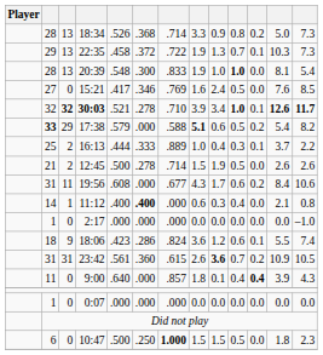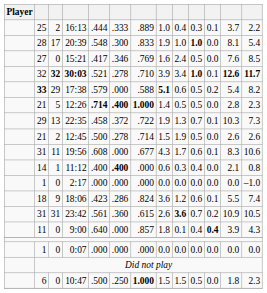 <table class="wikitable sortable" style="font-size:95%; text-align:right;">
 <tr>
 <th>Player</th>
 <th></th>
 <th></th>
 <th></th>
 <th></th>
 <th></th>
 <th></th>
 <th></th>
 <th></th>
 <th></th>
 <th></th>
 <th></th>
 <th></th>
 </tr>
 <tr>
 <td><strong></strong></td>
-<td>28</td>
-<td>13</td>
-<td>18:34</td>
-<td>.526</td>
-<td>.368</td>
-<td>.714</td>
-<td>3.3</td>
-<td>0.9</td>
-<td>0.8</td>
-<td>0.2</td>
-<td>5.0</td>
-<td>7.3</td>
-</tr>
-<tr>
-<td><strong></strong></td>
-<td>29</td>
-<td>13</td>
-<td>22:35</td>
-<td>.458</td>
-<td>.372</td>
-<td>.722</td>
-<td>1.9</td>
-<td>1.3</td>
-<td>0.7</td>
+<td>25</td>
+<td>2</td>
+<td>16:13</td>
+<td>.444</td>
+<td>.333</td>
+<td>.889</td>
+<td>1.0</td>
+<td>0.4</td>
+<td>0.3</td>
 <td>0.1</td>
-<td>10.3</td>
-<td>7.3</td>
+<td>3.7</td>
+<td>2.2</td>
 </tr>
 <tr>
 <td><strong></strong></td>
 <td>28</td>
-<td>13</td>
+<td>17</td>
 <td>20:39</td>
 <td>.548</td>
 <td>.300</td>
 <td>.833</td>
 <td>1.9</td>
 <td>1.0</td>
 <td><strong>1.0</strong></td>
 <td>0.0</td>
 <td>8.1</td>
 <td>5.4</td>
 </tr>
 <tr>
 <td><strong></strong></td>
 <td>27</td>
 <td>0</td>
 <td>15:21</td>
 <td>.417</td>
 <td>.346</td>
 <td>.769</td>
 <td>1.6</td>
 <td>2.4</td>
 <td>0.5</td>
 <td>0.0</td>
 <td>7.6</td>
 <td>8.5</td>
 </tr>
 <tr>
 <td><strong></strong></td>
 <td>32</td>
 <td><strong>32</strong></td>
 <td><strong>30:03</strong></td>
 <td>.521</td>
 <td>.278</td>
 <td>.710</td>
 <td>3.9</td>
 <td>3.4</td>
 <td><strong>1.0</strong></td>
 <td>0.1</td>
 <td><strong>12.6</strong></td>
 <td><strong>11.7</strong></td>
 </tr>
 <tr>
 <td><strong></strong></td>
 <td><strong>33</strong></td>
 <td>29</td>
 <td>17:38</td>
 <td>.579</td>
 <td>.000</td>
 <td>.588</td>
 <td><strong>5.1</strong></td>
 <td>0.6</td>
 <td>0.5</td>
 <td>0.2</td>
 <td>5.4</td>
 <td>8.2</td>
 </tr>
 <tr>
 <td><strong></strong></td>
-<td>25</td>
-<td>2</td>
-<td>16:13</td>
-<td>.444</td>
-<td>.333</td>
-<td>.889</td>
-<td>1.0</td>
-<td>0.4</td>
-<td>0.3</td>
+<td>21</td>
+<td>5</td>
+<td>12:26</td>
+<td><strong>.714</strong></td>
+<td><strong>.400</strong></td>
+<td><strong>1.000</strong></td>
+<td>1.4</td>
+<td>0.5</td>
+<td>0.5</td>
+<td>0.0</td>
+<td>2.8</td>
+<td>2.3</td>
+</tr>
+<tr>
+<td><strong></strong></td>
+<td>29</td>
+<td>13</td>
+<td>22:35</td>
+<td>.458</td>
+<td>.372</td>
+<td>.722</td>
+<td>1.9</td>
+<td>1.3</td>
+<td>0.7</td>
 <td>0.1</td>
-<td>3.7</td>
-<td>2.2</td>
+<td>10.3</td>
+<td>7.3</td>
 </tr>
 <tr>
 <td><strong></strong></td>
 <td>21</td>
 <td>2</td>
 <td>12:45</td>
 <td>.500</td>
 <td>.278</td>
 <td>.714</td>
 <td>1.5</td>
 <td>1.9</td>
 <td>0.5</td>
 <td>0.0</td>
 <td>2.6</td>
 <td>2.6</td>
 </tr>
 <tr>
 <td><strong></strong></td>
 <td>31</td>
 <td>11</td>
 <td>19:56</td>
 <td>.608</td>
 <td>.000</td>
 <td>.677</td>
 <td>4.3</td>
 <td>1.7</td>
 <td>0.6</td>
-<td>0.2</td>
-<td>8.4</td>
+<td>0.1</td>
+<td>8.3</td>
 <td>10.6</td>
 </tr>
 <tr>
 <td><strong></strong></td>
 <td>14</td>
 <td>1</td>
 <td>11:12</td>
 <td>.400</td>
 <td><strong>.400</strong></td>
 <td>.000</td>
 <td>0.6</td>
 <td>0.3</td>
 <td>0.4</td>
 <td>0.0</td>
 <td>2.1</td>
 <td>0.8</td>
 </tr>
 <tr>
 <td><strong></strong></td>
 <td>1</td>
 <td>0</td>
 <td>2:17</td>
 <td>.000</td>
 <td>.000</td>
 <td>.000</td>
 <td>0.0</td>
 <td>0.0</td>
 <td>0.0</td>
 <td>0.0</td>
 <td>0.0</td>
 <td>–1.0</td>
 </tr>
 <tr>
 <td><strong></strong></td>
 <td>18</td>
 <td>9</td>
 <td>18:06</td>
 <td>.423</td>
 <td>.286</td>
 <td>.824</td>
 <td>3.6</td>
 <td>1.2</td>
 <td>0.6</td>
 <td>0.1</td>
 <td>5.5</td>
 <td>7.4</td>
 </tr>
 <tr>
 <td><strong></strong></td>
 <td>31</td>
 <td>31</td>
 <td>23:42</td>
 <td>.561</td>
 <td>.360</td>
 <td>.615</td>
 <td>2.6</td>
 <td><strong>3.6</strong></td>
 <td>0.7</td>
 <td>0.2</td>
 <td>10.9</td>
 <td>10.5</td>
 </tr>
 <tr>
 <td><strong></strong></td>
 <td>11</td>
 <td>0</td>
 <td>9:00</td>
 <td>.640</td>
 <td>.000</td>
 <td>.857</td>
 <td>1.8</td>
 <td>0.1</td>
 <td>0.4</td>
 <td><strong>0.4</strong></td>
 <td>3.9</td>
 <td>4.3</td>
 </tr>
 <tr>
 </tr>
 <tr class="sortbottom">
 <td colspan=13></td>
 </tr>
 <tr>
 <td><em></em></td>
 <td>1</td>
 <td>0</td>
 <td>0:07</td>
 <td>.000</td>
 <td>.000</td>
 <td>.000</td>
 <td>0.0</td>
 <td>0.0</td>
 <td>0.0</td>
 <td>0.0</td>
 <td>0.0</td>
 <td>0.0</td>
 </tr>
 <tr>
 <td><em></em></td>
 <td colspan=12 data-sort-value="-50" style="text-align:center"><em>Did not play</em></td>
 </tr>
 <tr>
 <td><em></em></td>
 <td>6</td>
 <td>0</td>
 <td>10:47</td>
 <td>.500</td>
 <td>.250</td>
 <td><strong>1.000</strong></td>
 <td>1.5</td>
 <td>1.5</td>
 <td>0.5</td>
 <td>0.0</td>
 <td>1.8</td>
 <td>2.3</td>
 </tr>
 <tr>
 </tr>
 </table>
